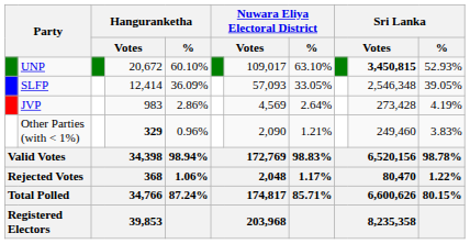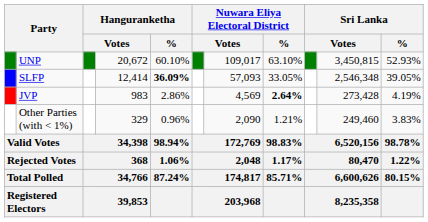 <table class="wikitable">
 <tr>
 <th colspan="2" width="144px"rowspan="2">Party</th>
 <th colspan="3" width="216px">Hanguranketha</th>
 <th colspan="3" width="216px"><a href='#'>Nuwara Eliya Electoral District</a></th>
 <th colspan="3" width="216px">Sri Lanka</th>
 </tr>
 <tr>
 <th colspan="2" width="144px">Votes</th>
 <th>%</th>
 <th colspan="2" width="144px">Votes</th>
 <th>%</th>
 <th colspan="2" width="144px">Votes</th>
 <th>%</th>
 </tr>
 <tr>
 <td style="background-color:green;" width="10px"></td>
 <td style="text-align:left;"><a href='#'>UNP</a></td>
 <td style="background-color:green;" width="10px"></td>
 <td style="text-align:right;">20,672</td>
 <td style="text-align:right;">60.10%</td>
 <td style="background-color:green;" width="10px"></td>
 <td style="text-align:right;">109,017</td>
 <td style="text-align:right;">63.10%</td>
 <td style="background-color:green;" width="10px"></td>
-<td style="text-align:right;"><strong>3,450,815</strong></td>
+<td style="text-align:right;">3,450,815</td>
 <td style="text-align:right;">52.93%</td>
 </tr>
 <tr>
 <td style="background-color:blue;" width="10px"></td>
 <td style="text-align:left;"><a href='#'>SLFP</a></td>
 <td style="background-color:white;" width="10px"></td>
 <td style="text-align:right;">12,414</td>
-<td style="text-align:right;">36.09%</td>
+<td style="text-align:right;"><strong>36.09%</strong></td>
 <td style="background-color:white;" width="10px"></td>
 <td style="text-align:right;">57,093</td>
 <td style="text-align:right;">33.05%</td>
 <td style="background-color:white;" width="10px"></td>
 <td style="text-align:right;">2,546,348</td>
 <td style="text-align:right;">39.05%</td>
 </tr>
 <tr>
 <td style="background-color:red;" width="10px"></td>
 <td style="text-align:left;"><a href='#'>JVP</a></td>
 <td style="background-color:white;" width="10px"></td>
 <td style="text-align:right;">983</td>
 <td style="text-align:right;">2.86%</td>
 <td style="background-color:white;" width="10px"></td>
 <td style="text-align:right;">4,569</td>
-<td style="text-align:right;">2.64%</td>
+<td style="text-align:right;"><strong>2.64%</strong></td>
 <td style="background-color:white;" width="10px"></td>
 <td style="text-align:right;">273,428</td>
 <td style="text-align:right;">4.19%</td>
 </tr>
 <tr>
 <td style="background-color:white;" width="10px"></td>
 <td style="text-align:left;">Other Parties (with < 1%)</td>
 <td style="background-color:white;" width="10px"></td>
-<td style="text-align:right;"><strong>329</strong></td>
+<td style="text-align:right;">329</td>
 <td style="text-align:right;">0.96%</td>
 <td style="background-color:white;" width="10px"></td>
 <td style="text-align:right;">2,090</td>
 <td style="text-align:right;">1.21%</td>
 <td style="background-color:white;" width="10px"></td>
 <td style="text-align:right;">249,460</td>
 <td style="text-align:right;">3.83%</td>
 </tr>
 <tr>
 <th colspan="2" width="144px"style="text-align:left;">Valid Votes</th>
 <th style="text-align:right;"colspan="2" width="144px">34,398</th>
 <th style="text-align:right;">98.94%</th>
 <th style="text-align:right;"colspan="2" width="144px">172,769</th>
 <th style="text-align:right;">98.83%</th>
 <th style="text-align:right;"colspan="2" width="144px">6,520,156</th>
 <th style="text-align:right;">98.78%</th>
 </tr>
 <tr>
 <th colspan="2" width="144px"style="text-align:left;">Rejected Votes</th>
 <th style="text-align:right;"colspan="2" width="144px">368</th>
 <th style="text-align:right;">1.06%</th>
 <th style="text-align:right;"colspan="2" width="144px">2,048</th>
 <th style="text-align:right;">1.17%</th>
 <th style="text-align:right;"colspan="2" width="144px">80,470</th>
 <th style="text-align:right;">1.22%</th>
 </tr>
 <tr>
 <th colspan="2" width="144px"style="text-align:left;">Total Polled</th>
 <th style="text-align:right;"colspan="2" width="144px">34,766</th>
 <th style="text-align:right;">87.24%</th>
 <th style="text-align:right;"colspan="2" width="144px">174,817</th>
 <th style="text-align:right;">85.71%</th>
 <th style="text-align:right;"colspan="2" width="144px">6,600,626</th>
 <th style="text-align:right;">80.15%</th>
 </tr>
 <tr>
 <th colspan="2" width="144px"style="text-align:left;">Registered Electors</th>
 <th style="text-align:right;"colspan="2" width="144px">39,853</th>
 <th></th>
 <th style="text-align:right;"colspan="2" width="144px">203,968</th>
 <th></th>
 <th style="text-align:right;"colspan="2" width="144px">8,235,358</th>
 <th></th>
 </tr>
 </table>
